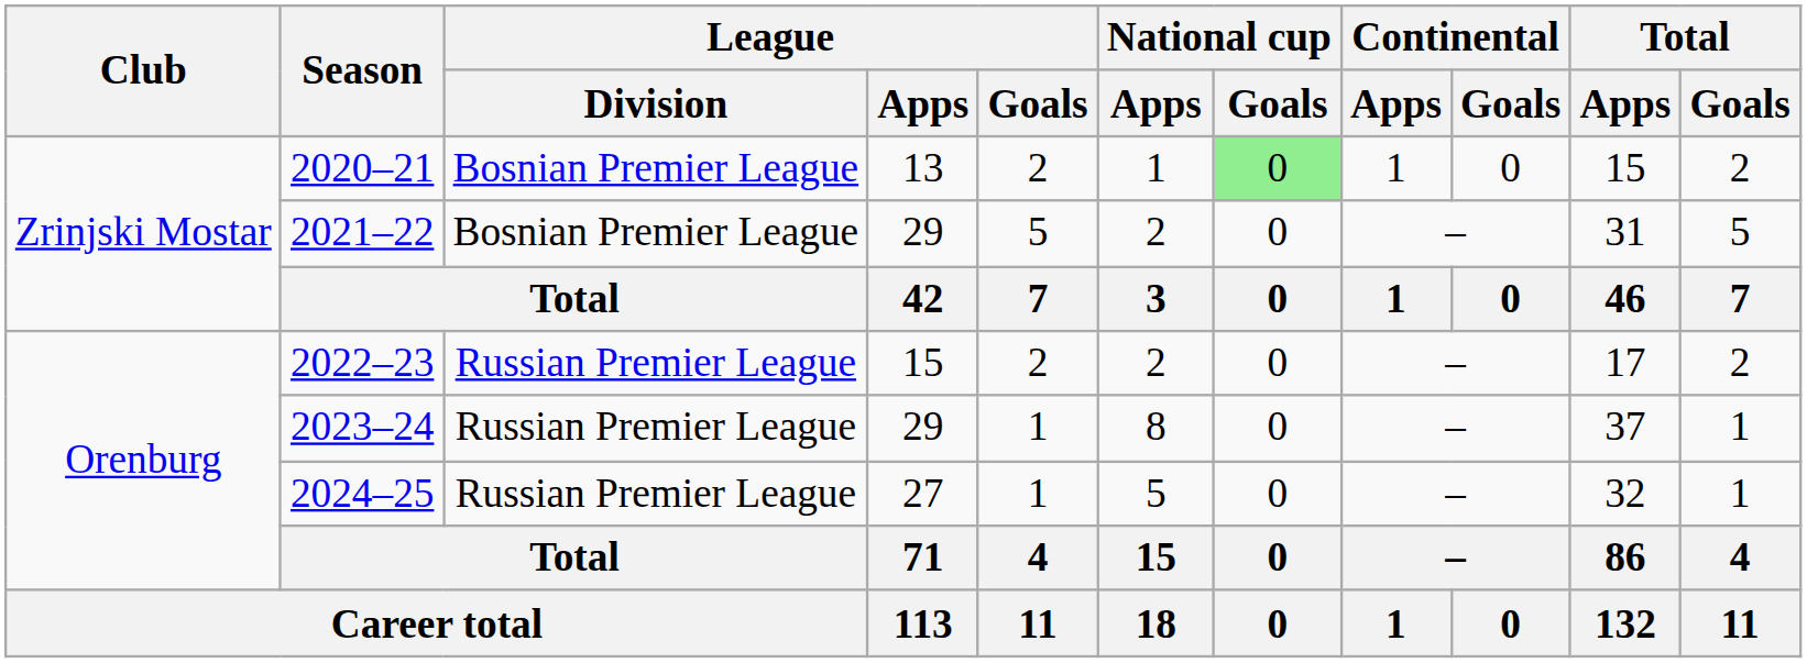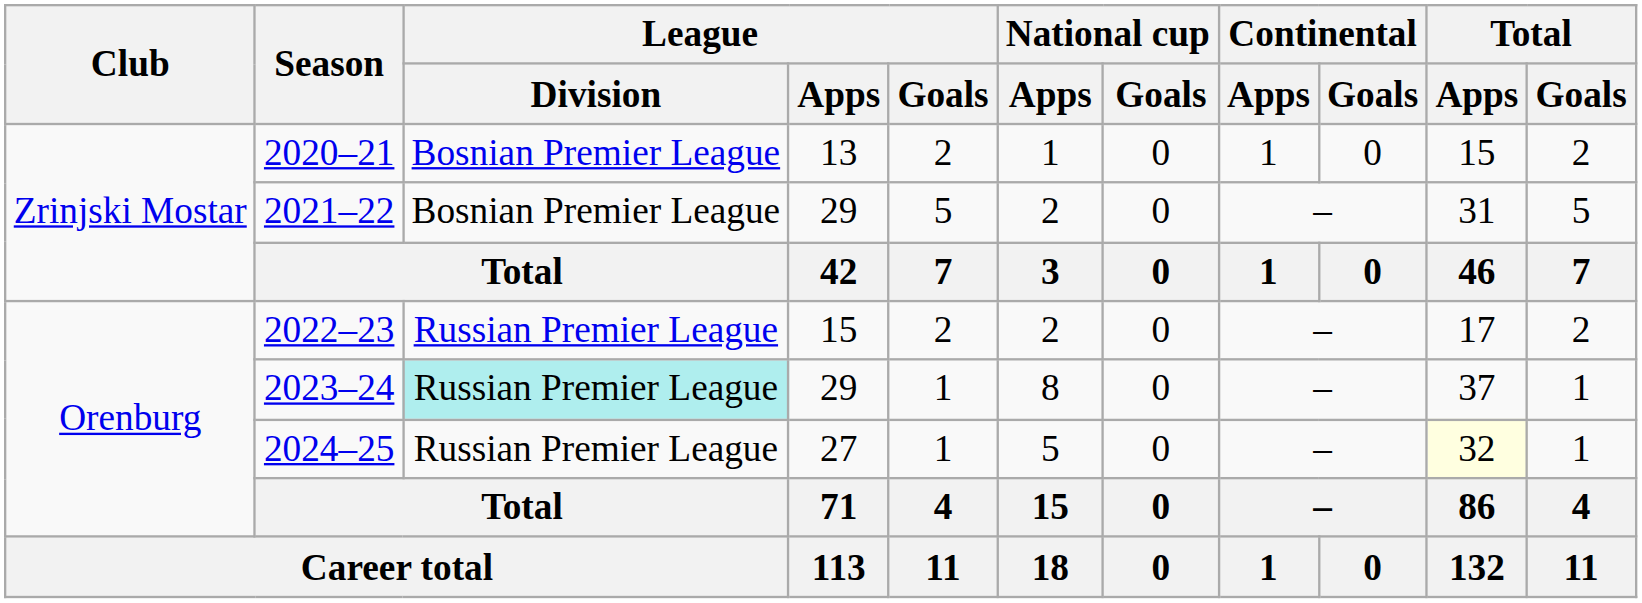 <table class="wikitable" style="text-align:center">
 <tr>
 <th rowspan=2>Club</th>
 <th rowspan=2>Season</th>
 <th colspan=3>League</th>
 <th colspan=2>National cup</th>
 <th colspan=2>Continental</th>
 <th colspan=2>Total</th>
 </tr>
 <tr>
 <th>Division</th>
 <th>Apps</th>
 <th>Goals</th>
 <th>Apps</th>
 <th>Goals</th>
 <th>Apps</th>
 <th>Goals</th>
 <th>Apps</th>
 <th>Goals</th>
 </tr>
 <tr>
 <td rowspan=3><a href='#'>Zrinjski Mostar</a></td>
 <td><a href='#'>2020–21</a></td>
 <td><a href='#'>Bosnian Premier League</a></td>
 <td>13</td>
 <td>2</td>
 <td>1</td>
-<td style="background: lightgreen;">0</td>
+<td>0</td>
 <td>1</td>
 <td>0</td>
 <td>15</td>
 <td>2</td>
 </tr>
 <tr>
 <td><a href='#'>2021–22</a></td>
 <td>Bosnian Premier League</td>
 <td>29</td>
 <td>5</td>
 <td>2</td>
 <td>0</td>
 <td colspan=2>–</td>
 <td>31</td>
 <td>5</td>
 </tr>
 <tr>
 <th colspan=2>Total</th>
 <th>42</th>
 <th>7</th>
 <th>3</th>
 <th>0</th>
 <th>1</th>
 <th>0</th>
 <th>46</th>
 <th>7</th>
 </tr>
 <tr>
 <td rowspan=4><a href='#'>Orenburg</a></td>
 <td><a href='#'>2022–23</a></td>
 <td><a href='#'>Russian Premier League</a></td>
 <td>15</td>
 <td>2</td>
 <td>2</td>
 <td>0</td>
 <td colspan=2>–</td>
 <td>17</td>
 <td>2</td>
 </tr>
 <tr>
 <td><a href='#'>2023–24</a></td>
-<td>Russian Premier League</td>
+<td style="background: paleturquoise;">Russian Premier League</td>
 <td>29</td>
 <td>1</td>
 <td>8</td>
 <td>0</td>
 <td colspan=2>–</td>
 <td>37</td>
 <td>1</td>
 </tr>
 <tr>
 <td><a href='#'>2024–25</a></td>
 <td>Russian Premier League</td>
 <td>27</td>
 <td>1</td>
 <td>5</td>
 <td>0</td>
 <td colspan=2>–</td>
-<td>32</td>
+<td style="background: lightyellow;">32</td>
 <td>1</td>
 </tr>
 <tr>
 <th colspan=2>Total</th>
 <th>71</th>
 <th>4</th>
 <th>15</th>
 <th>0</th>
 <th colspan=2>–</th>
 <th>86</th>
 <th>4</th>
 </tr>
 <tr>
 <th colspan=3>Career total</th>
 <th>113</th>
 <th>11</th>
 <th>18</th>
 <th>0</th>
 <th>1</th>
 <th>0</th>
 <th>132</th>
 <th>11</th>
 </tr>
 </table>
